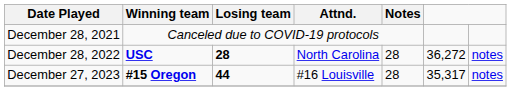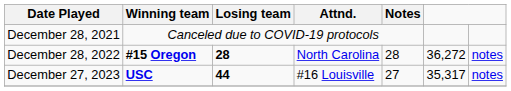 <table class="wikitable">
 <tr>
 <th>Date Played</th>
 <th>Winning team</th>
 <th>Losing team</th>
 <th>Attnd.</th>
 <th>Notes</th>
 </tr>
 <tr>
 <td>December 28, 2021</td>
 <td colspan=4 align=center><em>Canceled due to COVID-19 protocols</em></td>
 <td align=center></td>
 <td></td>
 </tr>
 <tr>
 <td>December 28, 2022</td>
-<td><strong><a href='#'>USC</a></strong></td>
+<td><strong>#15 <a href='#'>Oregon</a></strong></td>
 <td><strong>28</strong></td>
 <td><a href='#'>North Carolina</a></td>
 <td>28</td>
 <td>36,272</td>
 <td><a href='#'>notes</a></td>
 </tr>
 <tr>
 <td>December 27, 2023</td>
-<td><strong>#15 <a href='#'>Oregon</a></strong></td>
+<td><strong><a href='#'>USC</a></strong></td>
 <td><strong>44</strong></td>
 <td>#16 <a href='#'>Louisville</a></td>
-<td>28</td>
+<td>27</td>
 <td>35,317</td>
 <td><a href='#'>notes</a></td>
 </tr>
 <tr>
 </tr>
 </table>
